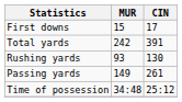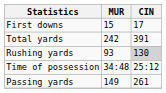 <table class="wikitable">
 <tr>
 <th>Statistics</th>
 <th>MUR</th>
 <th>CIN</th>
 </tr>
 <tr>
 <td>First downs</td>
 <td>15</td>
 <td>17</td>
 </tr>
 <tr>
 <td>Total yards</td>
 <td>242</td>
 <td>391</td>
 </tr>
 <tr>
 <td>Rushing yards</td>
 <td>93</td>
-<td>130</td>
+<td style="background: lightgrey;">130</td>
+</tr>
+<tr>
+<td>Time of possession</td>
+<td>34:48</td>
+<td>25:12</td>
 </tr>
 <tr>
 <td>Passing yards</td>
 <td>149</td>
 <td>261</td>
 </tr>
 <tr>
-<td>Time of possession</td>
-<td>34:48</td>
-<td>25:12</td>
-</tr>
-<tr>
 </tr>
 </table>
